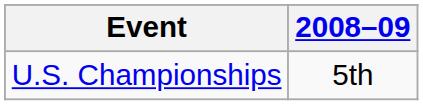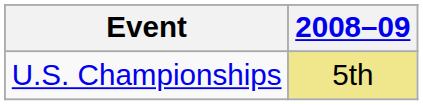 <table class="wikitable" style="text-align:center">
 <tr>
 <th>Event</th>
 <th><a href='#'>2008–09</a></th>
 </tr>
 <tr>
 <td align=left><a href='#'>U.S. Championships</a></td>
-<td>5th</td>
+<td style="background: khaki;">5th</td>
 </tr>
 </table>
